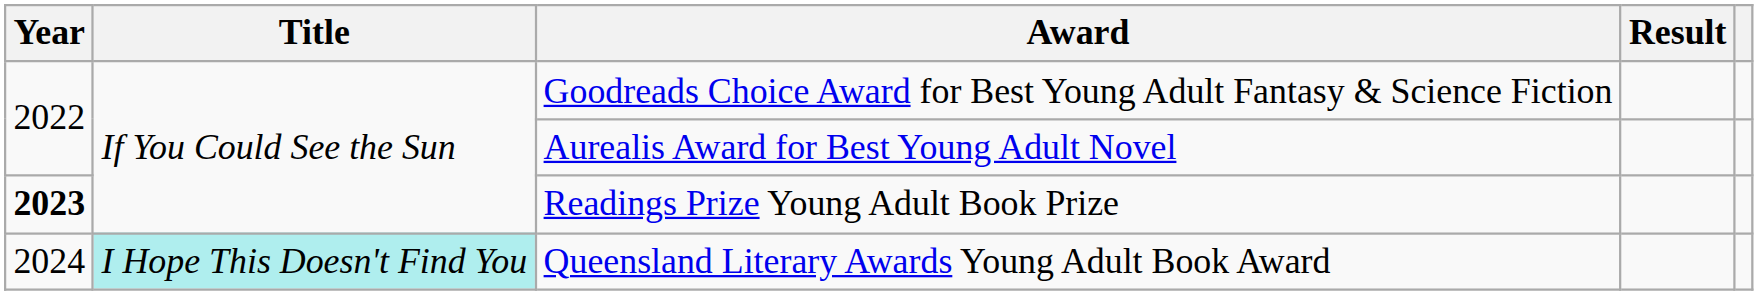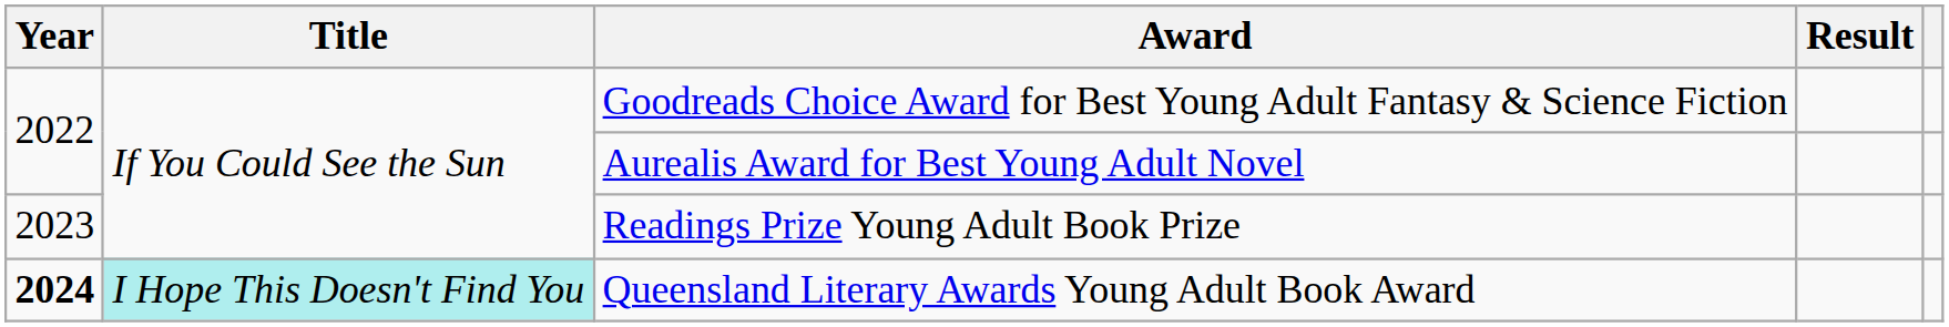 <table class="wikitable">
 <tr>
 <th>Year</th>
 <th>Title</th>
 <th>Award</th>
 <th>Result</th>
 <th></th>
 </tr>
 <tr>
 <td rowspan="2">2022</td>
 <td rowspan="3"><em>If You Could See the Sun</em></td>
 <td><a href='#'>Goodreads Choice Award</a> for Best Young Adult Fantasy & Science Fiction</td>
 <td></td>
 <td></td>
 </tr>
 <tr>
 <td><a href='#'>Aurealis Award for Best Young Adult Novel</a></td>
 <td></td>
 <td></td>
 </tr>
 <tr>
-<td><strong>2023</strong></td>
+<td>2023</td>
 <td><a href='#'>Readings Prize</a> Young Adult Book Prize</td>
 <td></td>
 <td></td>
 </tr>
 <tr>
-<td>2024</td>
+<td><strong>2024</strong></td>
 <td style="background: paleturquoise;"><em>I Hope This Doesn't Find You</em></td>
 <td><a href='#'>Queensland Literary Awards</a> Young Adult Book Award</td>
 <td></td>
 <td></td>
 </tr>
 </table>
